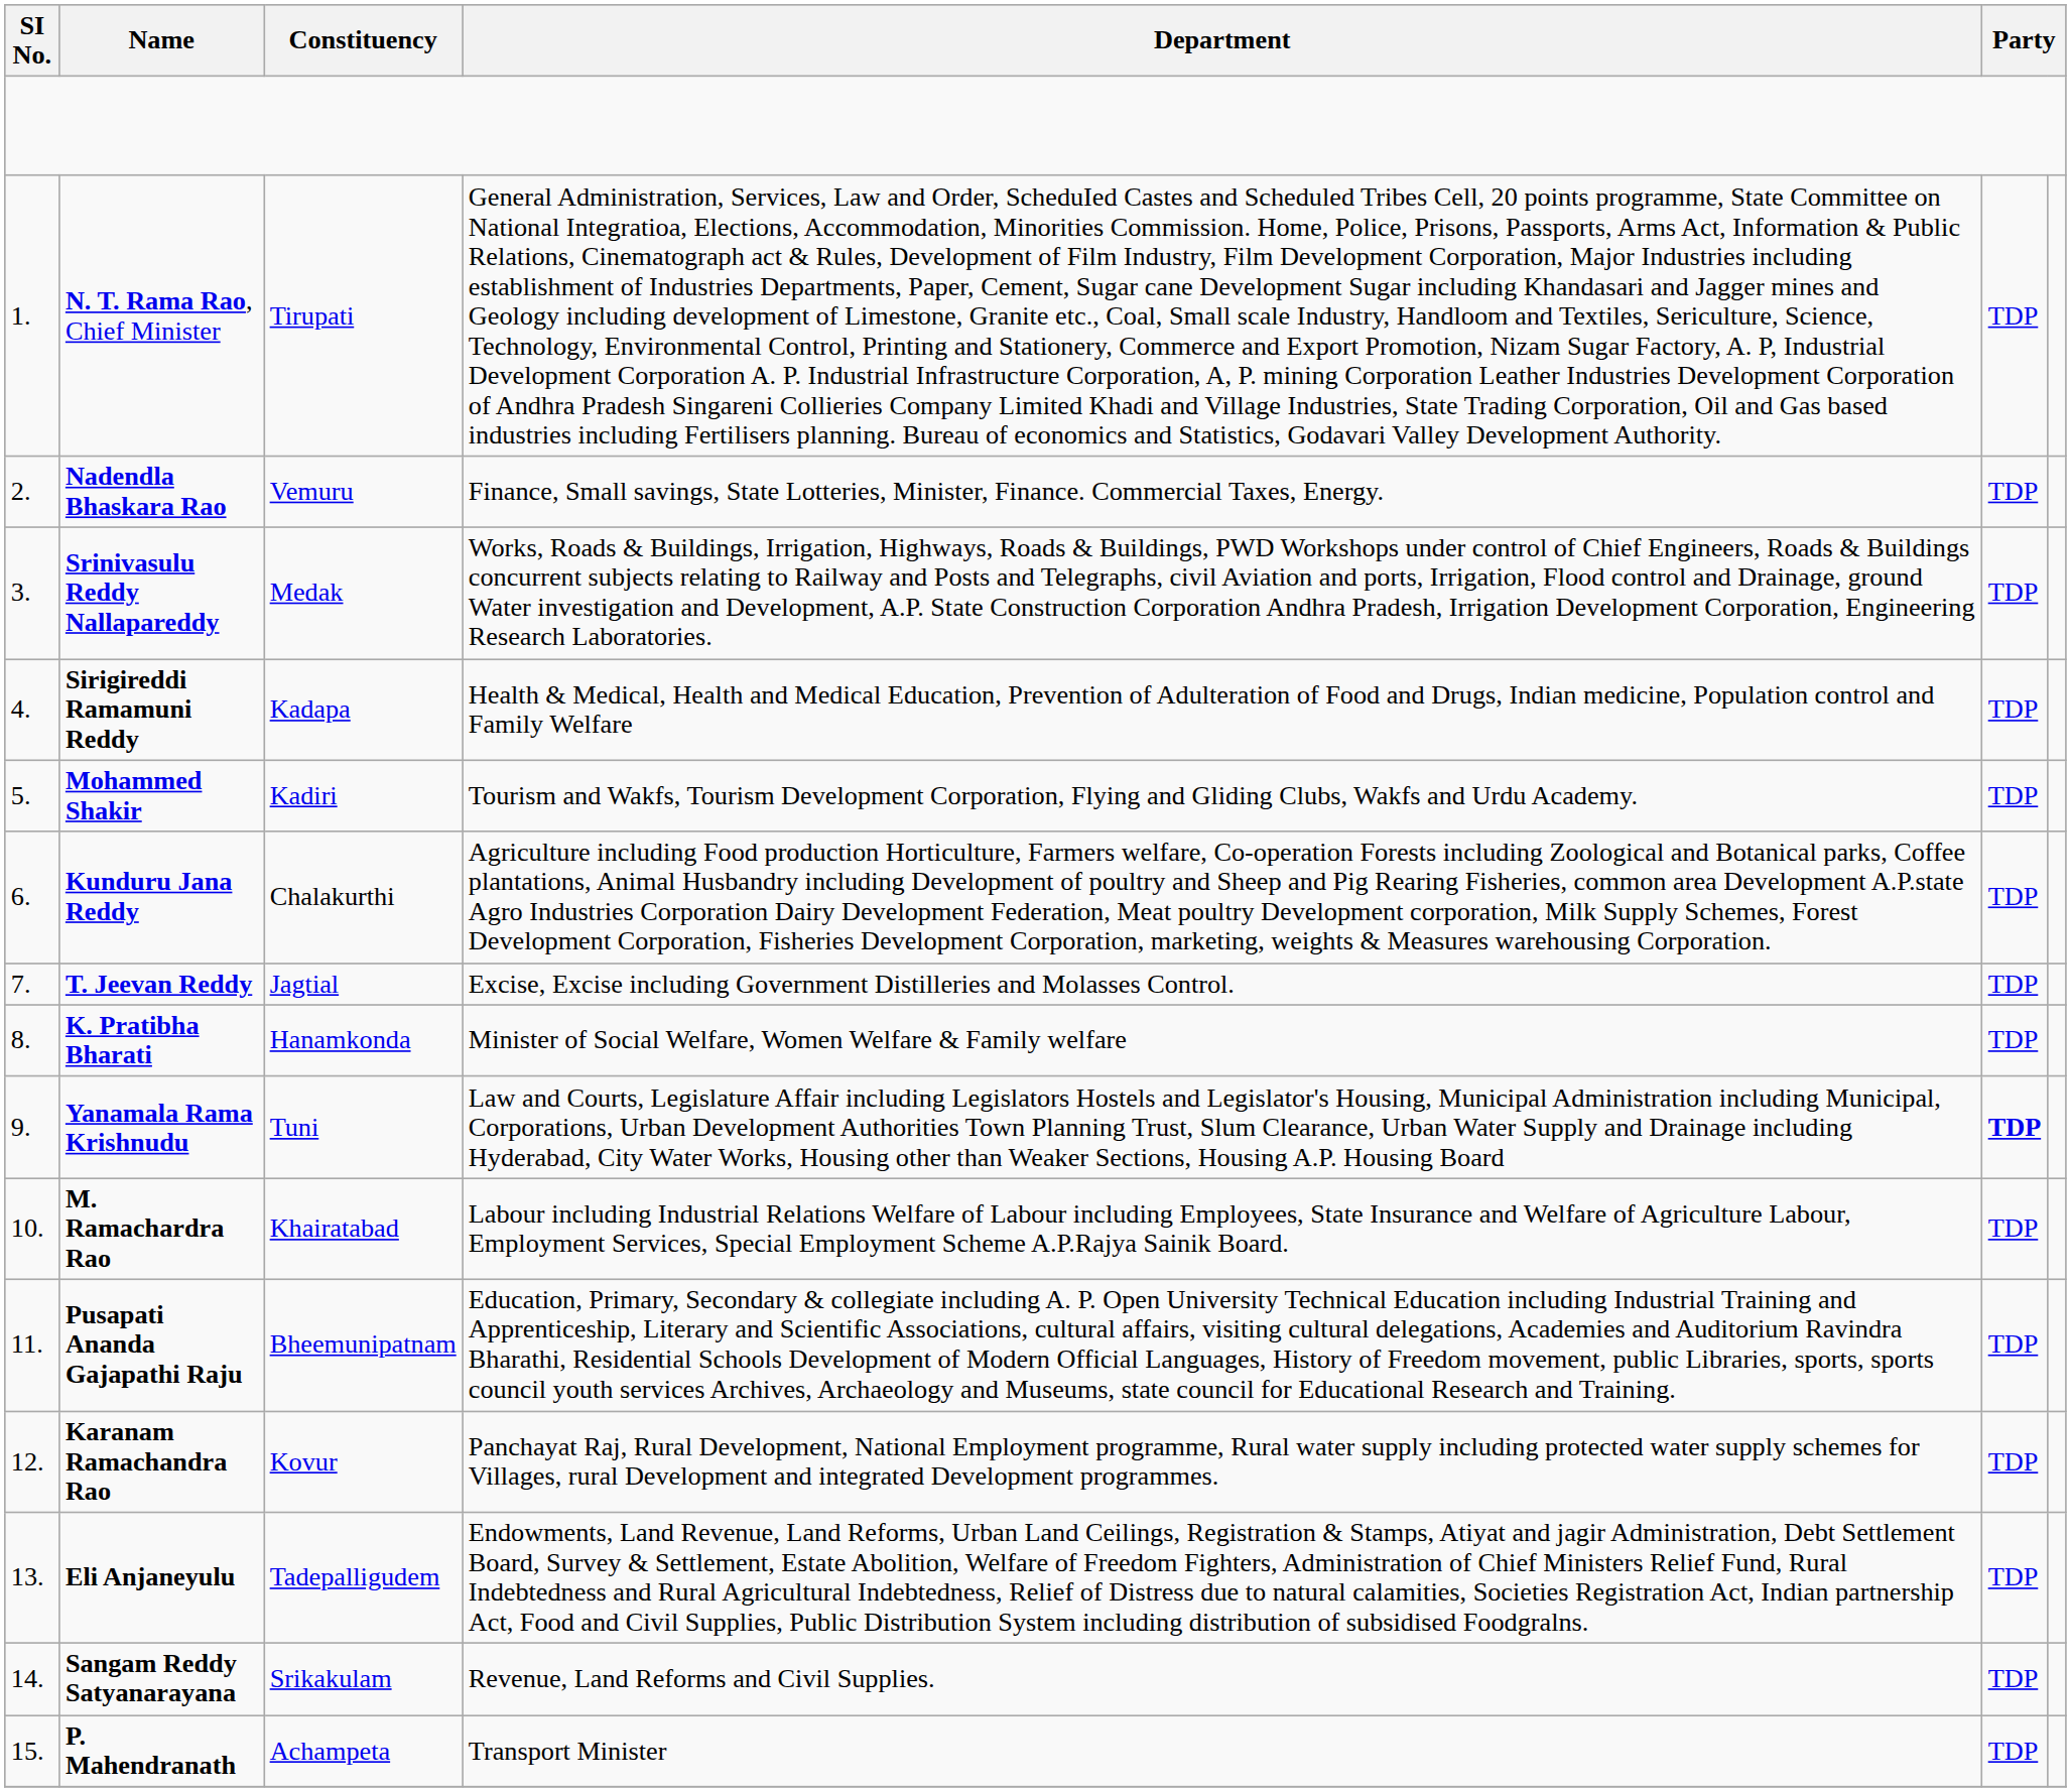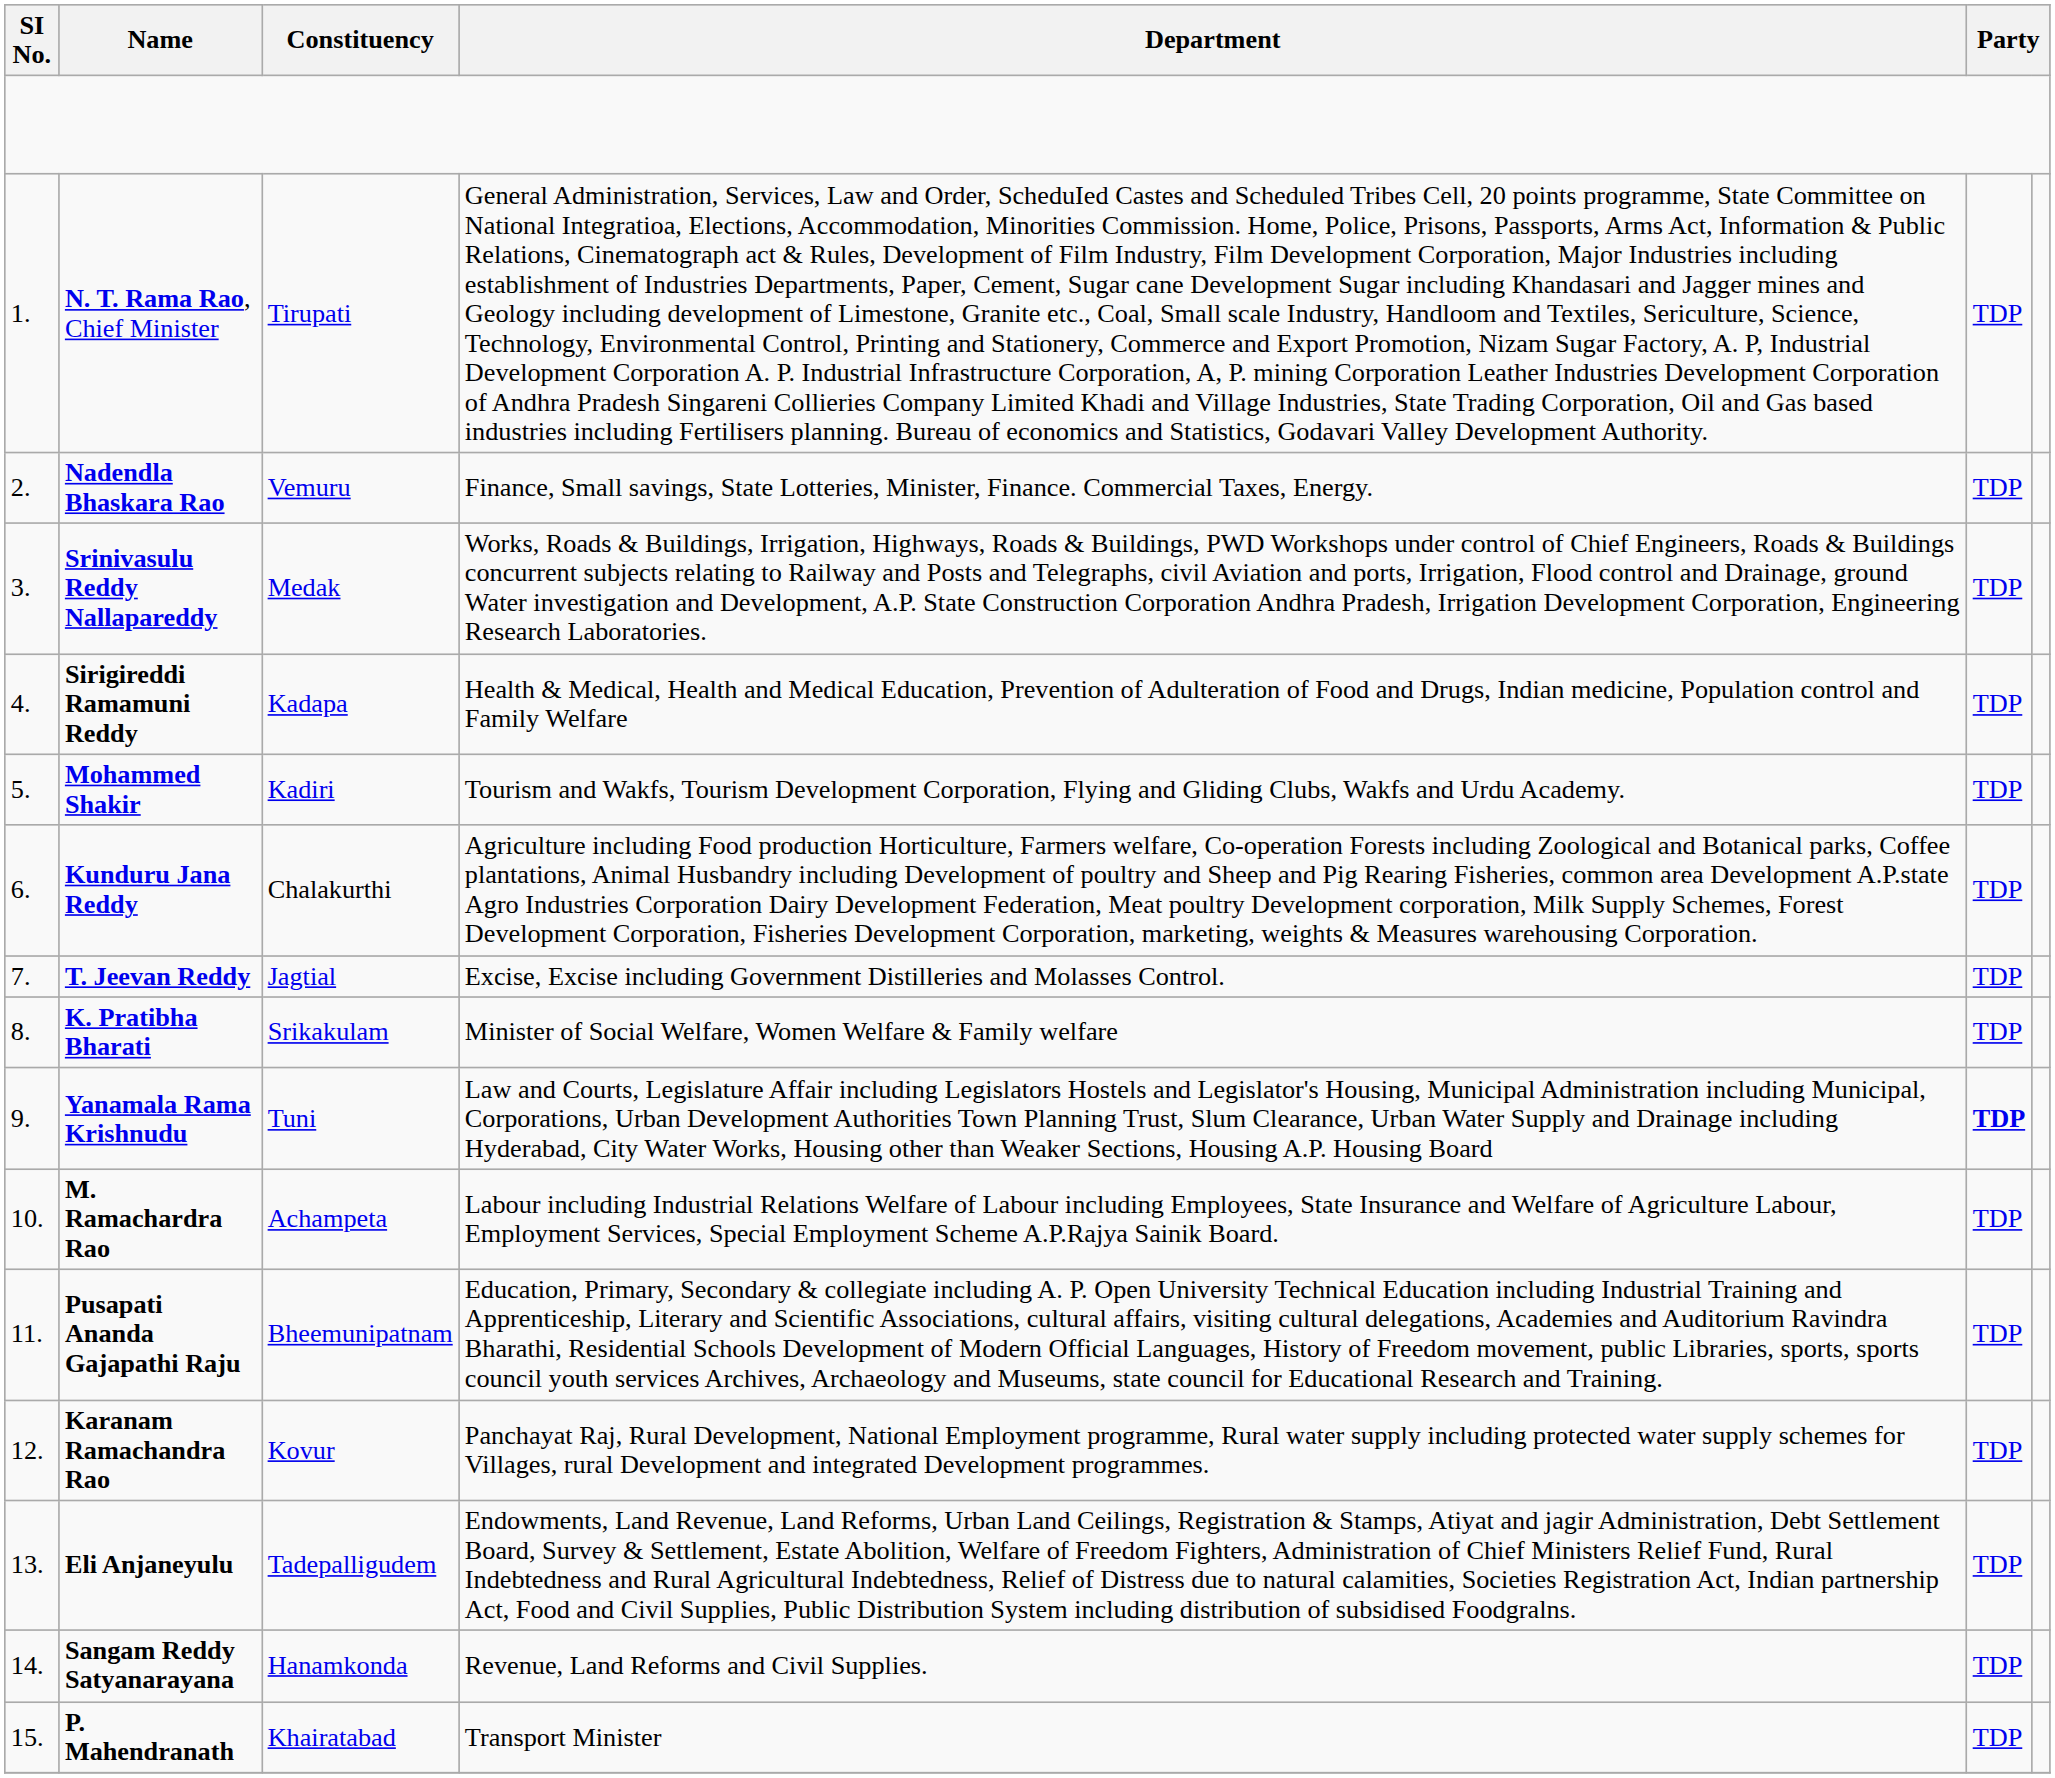 <table class = "wikitable">
 <tr>
 <th>SI No.</th>
 <th>Name</th>
 <th>Constituency</th>
 <th>Department</th>
 <th colspan="2" scope="col">Party</th>
 </tr>
 <tr style="text-align:center; height:60px;">
 </tr>
 <tr>
 <td>1.</td>
 <td><strong><a href='#'>N. T. Rama Rao</a></strong>, <a href='#'>Chief Minister</a></td>
 <td><a href='#'>Tirupati</a></td>
 <td>General Administration, Services, Law and Order, ScheduIed Castes and Scheduled Tribes Cell, 20 points programme, State Committee on National Integratioa, Elections, Accommodation, Minorities Commission. Home, Police, Prisons, Passports, Arms Act, Information & Public Relations, Cinematograph act & Rules, Development of Film Industry, Film Development Corporation, Major Industries including establishment of Industries Departments, Paper, Cement, Sugar cane Development Sugar including Khandasari and Jagger mines and Geology including development of Limestone, Granite etc., Coal, Small scale Industry, Handloom and Textiles, Sericulture, Science, Technology, Environmental Control, Printing and Stationery, Commerce and Export Promotion, Nizam Sugar Factory, A. P, Industrial Development Corporation A. P. Industrial Infrastructure Corporation, A, P. mining Corporation Leather Industries Development Corporation of Andhra Pradesh Singareni Collieries Company Limited Khadi and Village Industries, State Trading Corporation, Oil and Gas based industries including Fertilisers planning. Bureau of economics and Statistics, Godavari Valley Development Authority.</td>
 <td><a href='#'>TDP</a></td>
 <td width="4px" style="background-color: "></td>
 </tr>
 <tr>
 <td>2.</td>
 <td><strong><a href='#'>Nadendla Bhaskara Rao</a></strong></td>
 <td><a href='#'>Vemuru</a></td>
 <td>Finance, Small savings, State Lotteries, Minister, Finance. Commercial Taxes, Energy.</td>
 <td><a href='#'>TDP</a></td>
 <td width="4px" style="background-color: "></td>
 </tr>
 <tr>
 <td>3.</td>
 <td><strong><a href='#'>Srinivasulu Reddy Nallapareddy</a></strong></td>
 <td><a href='#'>Medak</a></td>
 <td>Works, Roads & Buildings, Irrigation, Highways, Roads & Buildings, PWD Workshops under control of Chief Engineers, Roads & Buildings concurrent subjects relating to Railway and Posts and Telegraphs, civil Aviation and ports, Irrigation, Flood control and Drainage, ground Water investigation and Development, A.P. State Construction Corporation Andhra Pradesh, Irrigation Development Corporation, Engineering Research Laboratories.</td>
 <td><a href='#'>TDP</a></td>
 <td width="4px" style="background-color: "></td>
 </tr>
 <tr>
 <td>4.</td>
 <td><strong>Sirigireddi Ramamuni Reddy</strong></td>
 <td><a href='#'>Kadapa</a></td>
 <td>Health & Medical, Health and Medical Education, Prevention of Adulteration of Food and Drugs, Indian medicine, Population control and Family Welfare</td>
 <td><a href='#'>TDP</a></td>
 <td width="4px" style="background-color: "></td>
 </tr>
 <tr>
 <td>5.</td>
 <td><strong><a href='#'>Mohammed Shakir</a></strong></td>
 <td><a href='#'>Kadiri</a></td>
 <td>Tourism and Wakfs, Tourism Development Corporation, Flying and Gliding Clubs, Wakfs and Urdu Academy.</td>
 <td><a href='#'>TDP</a></td>
 <td width="4px" style="background-color: "></td>
 </tr>
 <tr>
 <td>6.</td>
 <td><strong><a href='#'>Kunduru Jana Reddy</a></strong></td>
 <td>Chalakurthi</td>
 <td>Agriculture including Food production Horticulture, Farmers welfare, Co-operation Forests including Zoological and Botanical parks, Coffee plantations, Animal Husbandry including Development of poultry and Sheep and Pig Rearing Fisheries, common area Development A.P.state Agro Industries Corporation Dairy Development Federation, Meat poultry Development corporation, Milk Supply Schemes, Forest Development Corporation, Fisheries Development Corporation, marketing, weights & Measures warehousing Corporation.</td>
 <td><a href='#'>TDP</a></td>
 <td width="4px" style="background-color: "></td>
 </tr>
 <tr>
 <td>7.</td>
 <td><strong><a href='#'>T. Jeevan Reddy</a></strong></td>
 <td><a href='#'>Jagtial</a></td>
 <td>Excise, Excise including Government Distilleries and Molasses Control.</td>
 <td><a href='#'>TDP</a></td>
 <td width="4px" style="background-color: "></td>
 </tr>
 <tr>
 <td>8.</td>
 <td><strong><a href='#'>K. Pratibha Bharati</a></strong></td>
-<td><a href='#'>Hanamkonda</a></td>
+<td><a href='#'>Srikakulam</a></td>
 <td>Minister of Social Welfare, Women Welfare & Family welfare</td>
 <td><a href='#'>TDP</a></td>
 <td width="4px" style="background-color: "></td>
 </tr>
 <tr>
 <td>9.</td>
 <td><strong><a href='#'>Yanamala Rama Krishnudu</a></strong></td>
 <td><a href='#'>Tuni</a></td>
 <td>Law and Courts, Legislature Affair including Legislators Hostels and Legislator's Housing, Municipal Administration including Municipal, Corporations, Urban Development Authorities Town Planning Trust, Slum Clearance, Urban Water Supply and Drainage including Hyderabad, City Water Works, Housing other than Weaker Sections, Housing A.P. Housing Board</td>
 <td><strong><a href='#'>TDP</a></strong></td>
 <td width="4px" style="background-color: "></td>
 </tr>
 <tr>
 <td>10.</td>
 <td><strong>M. Ramachardra Rao</strong></td>
-<td><a href='#'>Khairatabad</a></td>
+<td><a href='#'>Achampeta</a></td>
 <td>Labour including Industrial Relations Welfare of Labour including Employees, State Insurance and Welfare of Agriculture Labour, Employment Services, Special Employment Scheme A.P.Rajya Sainik Board.</td>
 <td><a href='#'>TDP</a></td>
 <td width="4px" style="background-color: "></td>
 </tr>
 <tr>
 <td>11.</td>
 <td><strong>Pusapati Ananda Gajapathi Raju</strong></td>
 <td><a href='#'>Bheemunipatnam</a></td>
 <td>Education, Primary, Secondary & collegiate including A. P. Open University Technical Education including Industrial Training and Apprenticeship, Literary and Scientific Associations, cultural affairs, visiting cultural delegations, Academies and Auditorium Ravindra Bharathi, Residential Schools Development of Modern Official Languages, History of Freedom movement, public Libraries, sports, sports council youth services Archives, Archaeology and Museums, state council for Educational Research and Training.</td>
 <td><a href='#'>TDP</a></td>
 <td width="4px" style="background-color: "></td>
 </tr>
 <tr>
 <td>12.</td>
 <td><strong>Karanam Ramachandra Rao</strong></td>
 <td><a href='#'>Kovur</a></td>
 <td>Panchayat Raj, Rural Development, National Employment programme, Rural water supply including protected water supply schemes for Villages, rural Development and integrated Development programmes.</td>
 <td><a href='#'>TDP</a></td>
 <td width="4px" style="background-color: "></td>
 </tr>
 <tr>
 <td>13.</td>
 <td><strong>Eli Anjaneyulu</strong></td>
 <td><a href='#'>Tadepalligudem</a></td>
 <td>Endowments, Land Revenue, Land Reforms, Urban Land Ceilings, Registration & Stamps, Atiyat and jagir Administration, Debt Settlement Board, Survey & Settlement, Estate Abolition, Welfare of Freedom Fighters, Administration of Chief Ministers Relief Fund, Rural Indebtedness and Rural Agricultural Indebtedness, Relief of Distress due to natural calamities, Societies Registration Act, Indian partnership Act, Food and Civil Supplies, Public Distribution System including distribution of subsidised Foodgralns.</td>
 <td><a href='#'>TDP</a></td>
 <td width="4px" style="background-color: "></td>
 </tr>
 <tr>
 <td>14.</td>
 <td><strong>Sangam Reddy Satyanarayana</strong></td>
-<td><a href='#'>Srikakulam</a></td>
+<td><a href='#'>Hanamkonda</a></td>
 <td>Revenue, Land Reforms and Civil Supplies.</td>
 <td><a href='#'>TDP</a></td>
 <td width="4px" style="background-color: "></td>
 </tr>
 <tr>
 <td>15.</td>
 <td><strong>P. Mahendranath</strong></td>
-<td><a href='#'>Achampeta</a></td>
+<td><a href='#'>Khairatabad</a></td>
 <td>Transport Minister</td>
 <td><a href='#'>TDP</a></td>
 <td width="4px" style="background-color: "></td>
 </tr>
 <tr>
 </tr>
 </table>
